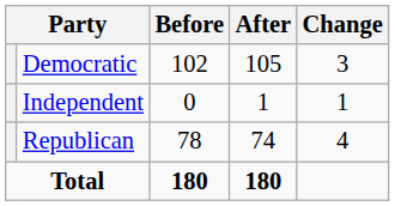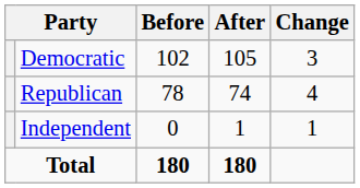 <table class="wikitable" style="text-align:center;">
 <tr>
 <th colspan="2">Party</th>
 <th>Before</th>
 <th>After</th>
 <th>Change</th>
 </tr>
 <tr>
 <th style="background-color:"></th>
 <td style="text-align:left;"><a href='#'>Democratic</a></td>
 <td>102</td>
 <td>105</td>
 <td> 3</td>
 </tr>
 <tr>
 <th style="background-color:"></th>
+<td style="text-align:left;"><a href='#'>Republican</a></td>
+<td>78</td>
+<td>74</td>
+<td> 4</td>
+</tr>
+<tr>
+<th style="background-color:"></th>
 <td style="text-align:left;"><a href='#'>Independent</a></td>
 <td>0</td>
 <td>1</td>
 <td> 1</td>
-</tr>
-<tr>
-<th style="background-color:"></th>
-<td style="text-align:left;"><a href='#'>Republican</a></td>
-<td>78</td>
-<td>74</td>
-<td> 4</td>
 </tr>
 <tr>
 <td colspan="2"><strong>Total</strong></td>
 <td><strong>180</strong></td>
 <td><strong>180</strong></td>
 <td></td>
 </tr>
 </table>
